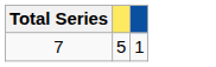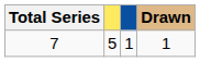 <table class="wikitable">
 <tr>
 <th>Total Series</th>
 <th style="background:#fdea60"></th>
 <th style="background:#0a50a1"></th>
+<th style="background:#deb887">Drawn</th>
 </tr>
 <tr>
 <td align="center">7</td>
 <td align="center">5</td>
 <td align="center">1</td>
+<td align="center">1</td>
 </tr>
 </table>
